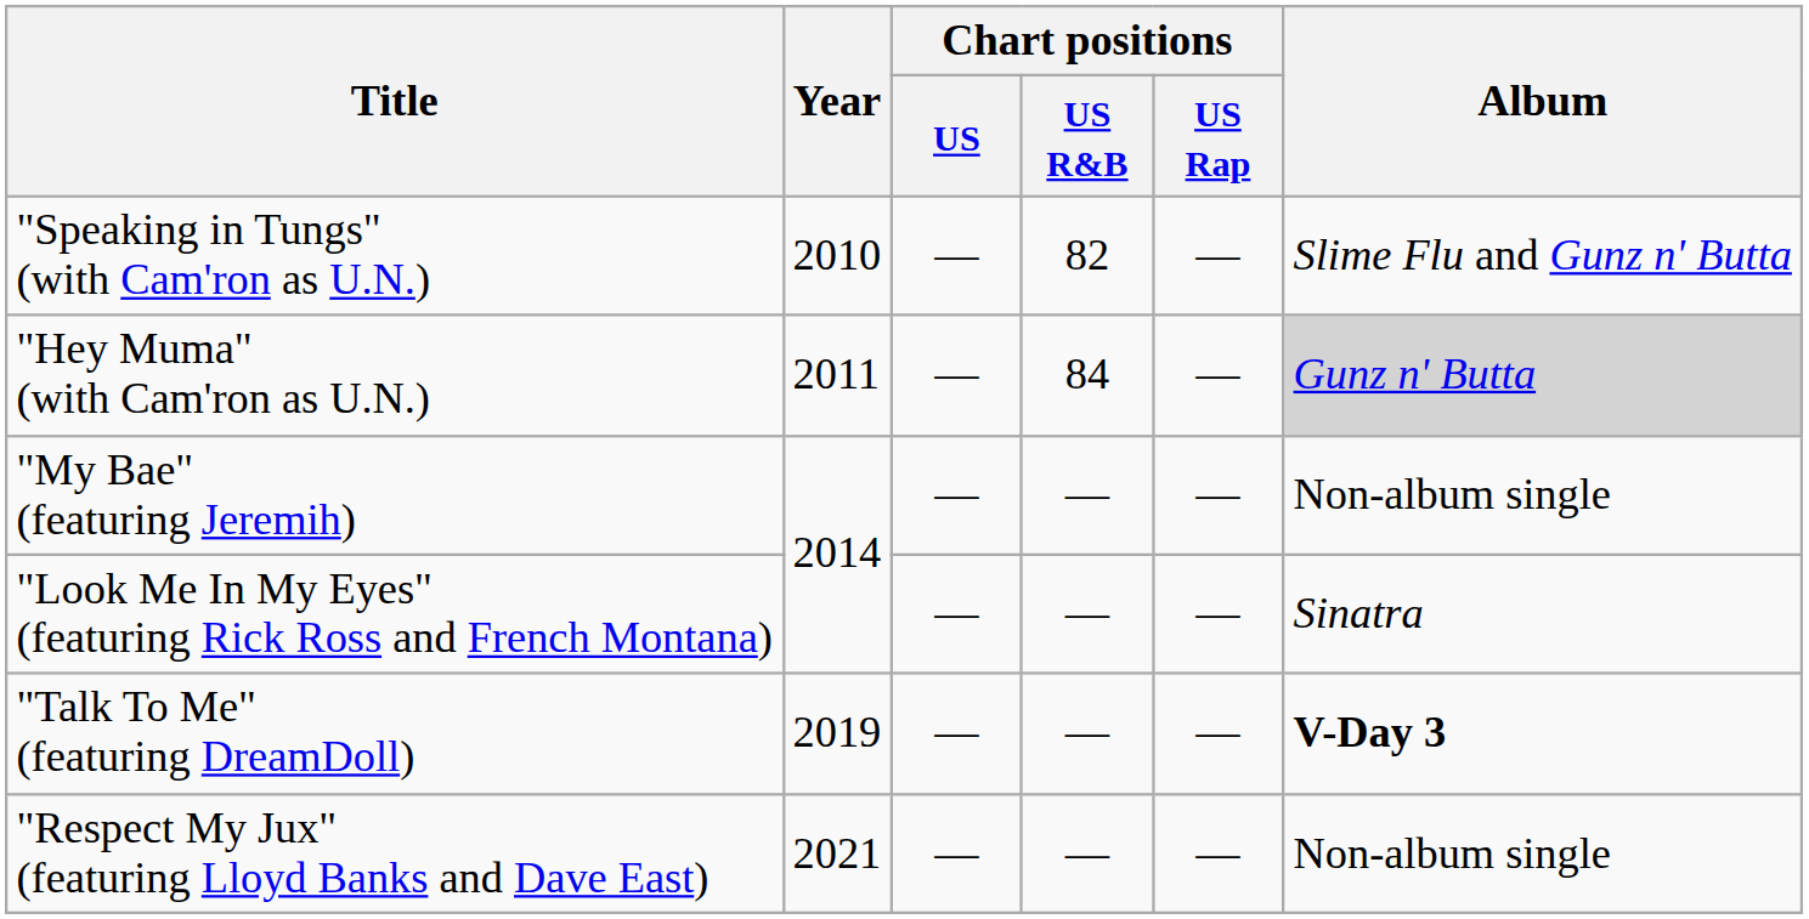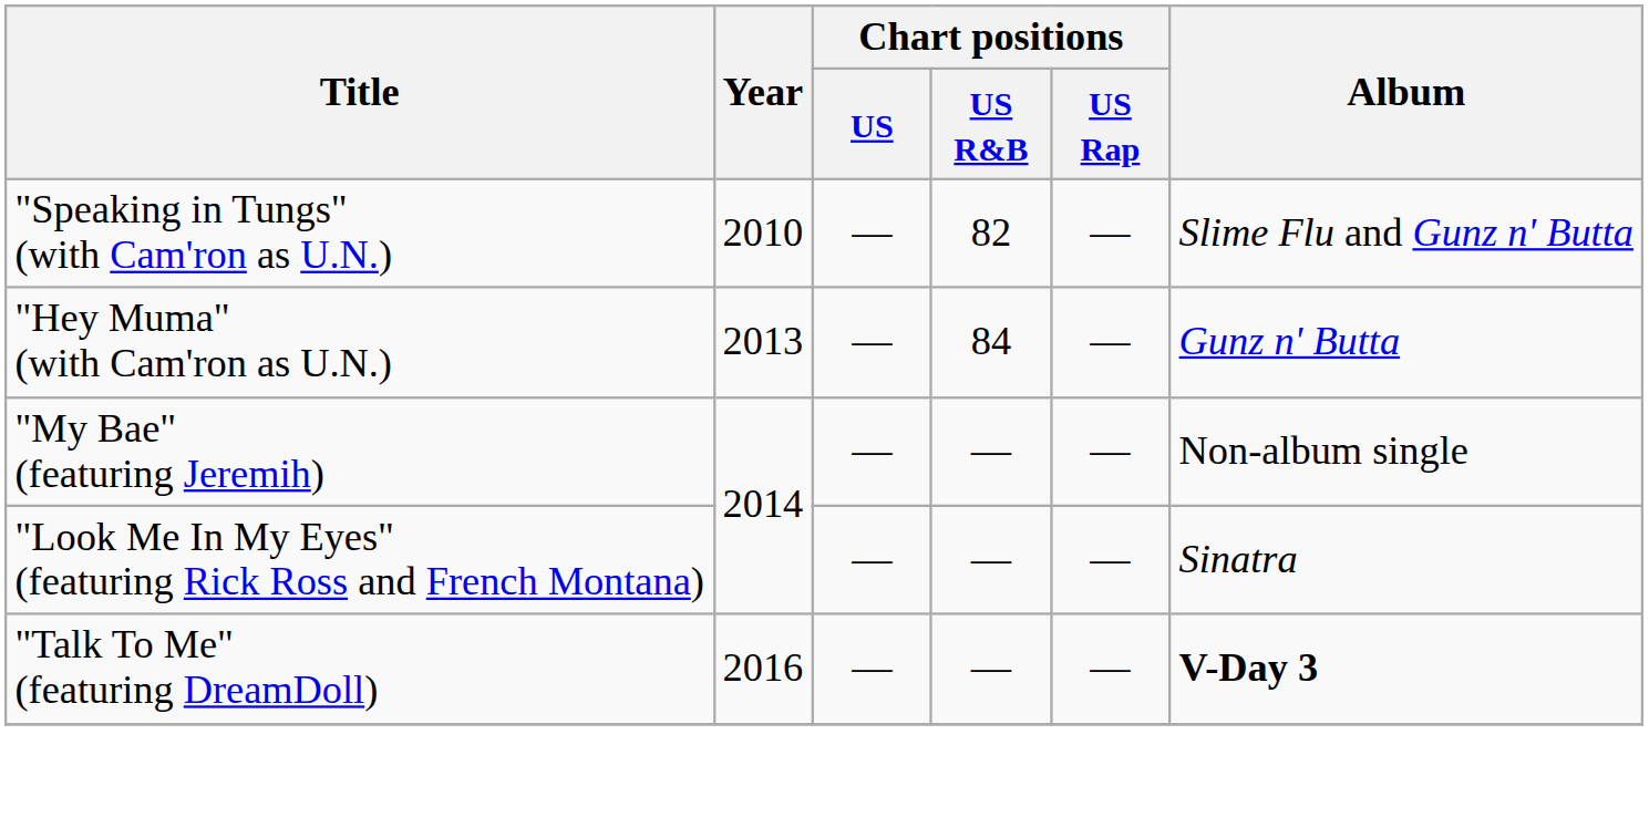 <table class="wikitable">
 <tr>
 <th rowspan="2">Title</th>
 <th rowspan="2">Year</th>
 <th colspan="3">Chart positions</th>
 <th rowspan="2">Album</th>
 </tr>
 <tr>
 <th style="text-align:center; width:40px;"><small><a href='#'>US</a></small></th>
 <th style="text-align:center; width:40px;"><small><a href='#'>US<br>R&B</a></small></th>
 <th style="text-align:center; width:40px;"><small><a href='#'>US<br>Rap</a></small></th>
 </tr>
 <tr>
 <td align="left">"Speaking in Tungs"<br><span>(with <a href='#'>Cam'ron</a> as <a href='#'>U.N.</a>)</span></td>
 <td>2010</td>
 <td style="text-align:center;">—</td>
 <td style="text-align:center;">82</td>
 <td style="text-align:center;">—</td>
 <td align="left"><em>Slime Flu</em> and <em><a href='#'>Gunz n' Butta</a></em></td>
 </tr>
 <tr>
 <td align"left">"Hey Muma"<br><span>(with Cam'ron as U.N.)</span></td>
-<td>2011</td>
+<td>2013</td>
 <td style="text-align:center;">—</td>
 <td style="text-align:center;">84<br></td>
 <td style="text-align:center;">—</td>
-<td align="left" style="background: lightgrey;"><em><a href='#'>Gunz n' Butta</a></em></td>
+<td align="left"><em><a href='#'>Gunz n' Butta</a></em></td>
 </tr>
 <tr>
 <td align="left">"My Bae"<br><span>(featuring <a href='#'>Jeremih</a>)</span></td>
 <td rowspan="2">2014</td>
 <td style="text-align:center;">—</td>
 <td style="text-align:center;">—</td>
 <td style="text-align:center;">—</td>
 <td align="left">Non-album single</td>
 </tr>
 <tr>
 <td align="left">"Look Me In My Eyes"<br><span>(featuring <a href='#'>Rick Ross</a> and <a href='#'>French Montana</a>)</span></td>
 <td style="text-align:center;">—</td>
 <td style="text-align:center;">—</td>
 <td style="text-align:center;">—</td>
 <td align="left"><em>Sinatra</em></td>
 </tr>
 <tr>
 <td align="left">"Talk To Me"<br><span>(featuring <a href='#'>DreamDoll</a>)</span></td>
-<td rowspan="1">2019</td>
+<td rowspan="1">2016</td>
 <td style="text-align:center;">—</td>
 <td style="text-align:center;">—</td>
 <td style="text-align:center;">—</td>
 <td align="left"><strong>V-Day 3</strong></td>
 </tr>
 <tr>
-<td align="left">"Respect My Jux"<br><span>(featuring <a href='#'>Lloyd Banks</a> and <a href='#'>Dave East</a>)</span></td>
-<td rowspan="1">2021</td>
-<td style="text-align:center;">—</td>
-<td style="text-align:center;">—</td>
-<td style="text-align:center;">—</td>
-<td align="left">Non-album single</td>
-</tr>
-<tr>
 </tr>
 </table>
